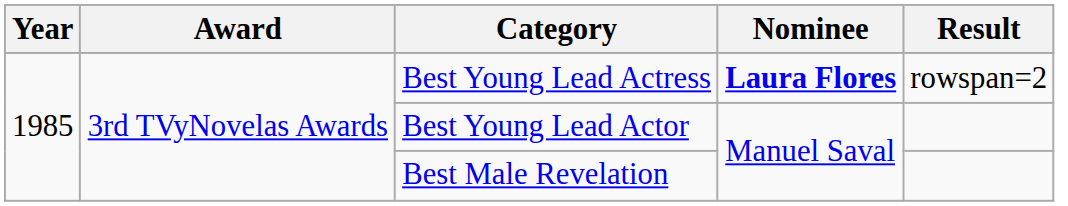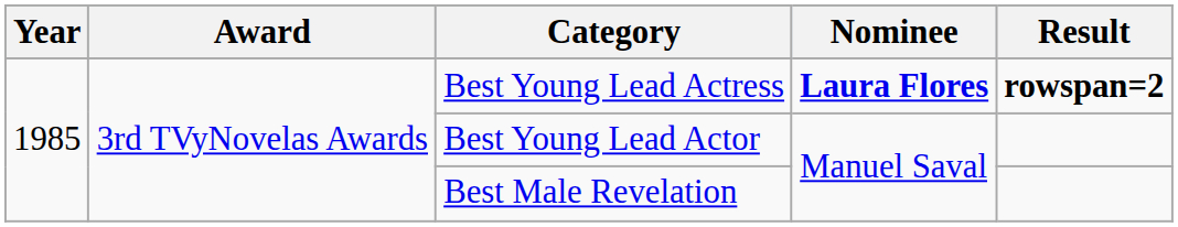 <table class="wikitable">
 <tr style="background:#b0c4de;">
 <th>Year</th>
 <th>Award</th>
 <th>Category</th>
 <th>Nominee</th>
 <th>Result</th>
 </tr>
 <tr>
 <td rowspan=3>1985</td>
 <td rowspan=3><a href='#'>3rd TVyNovelas Awards</a></td>
 <td><a href='#'>Best Young Lead Actress</a></td>
 <td><strong><a href='#'>Laura Flores</a></strong></td>
-<td>rowspan=2 </td>
+<td><strong>rowspan=2 </strong></td>
 </tr>
 <tr>
 <td><a href='#'>Best Young Lead Actor</a></td>
 <td rowspan=2><a href='#'>Manuel Saval</a></td>
 </tr>
 <tr>
 <td><a href='#'>Best Male Revelation</a></td>
 <td></td>
 </tr>
 </table>
